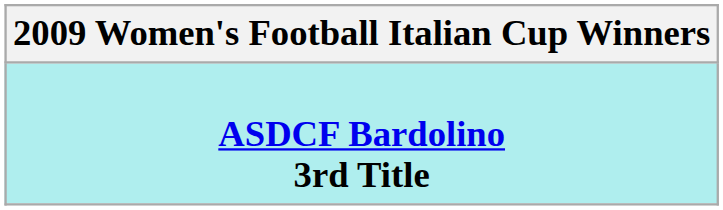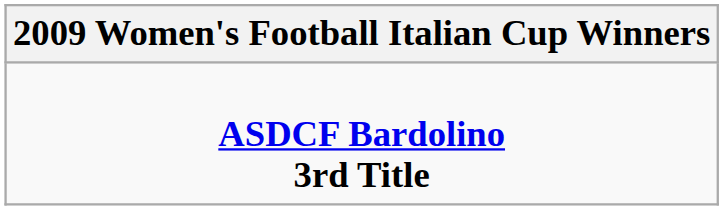 <table class="wikitable" style="text-align: center; margin: 0 auto;">
 <tr>
 <th>2009 Women's Football Italian Cup Winners</th>
 </tr>
 <tr>
-<td style="background: paleturquoise;"><br><strong><a href='#'>ASDCF Bardolino</a></strong><br><strong>3rd Title</strong></td>
+<td><br><strong><a href='#'>ASDCF Bardolino</a></strong><br><strong>3rd Title</strong></td>
 </tr>
 </table>
